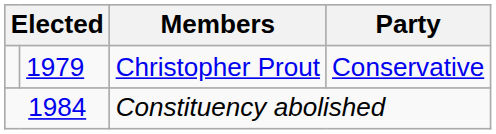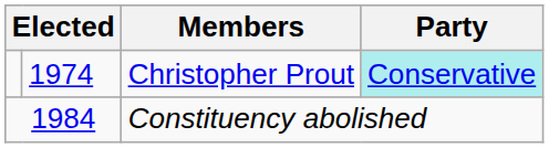 <table class="wikitable">
 <tr>
 <th colspan = "2">Elected</th>
 <th>Members</th>
 <th>Party</th>
 </tr>
 <tr>
 <td style="background-color: "></td>
-<td><a href='#'>1979</a></td>
+<td><a href='#'>1974</a></td>
 <td><a href='#'>Christopher Prout</a></td>
-<td><a href='#'>Conservative</a></td>
+<td style="background: paleturquoise;"><a href='#'>Conservative</a></td>
 </tr>
 <tr>
 <td colspan="2" align="center"><a href='#'>1984</a></td>
 <td colspan="2"><em>Constituency abolished</em></td>
 </tr>
 </table>
